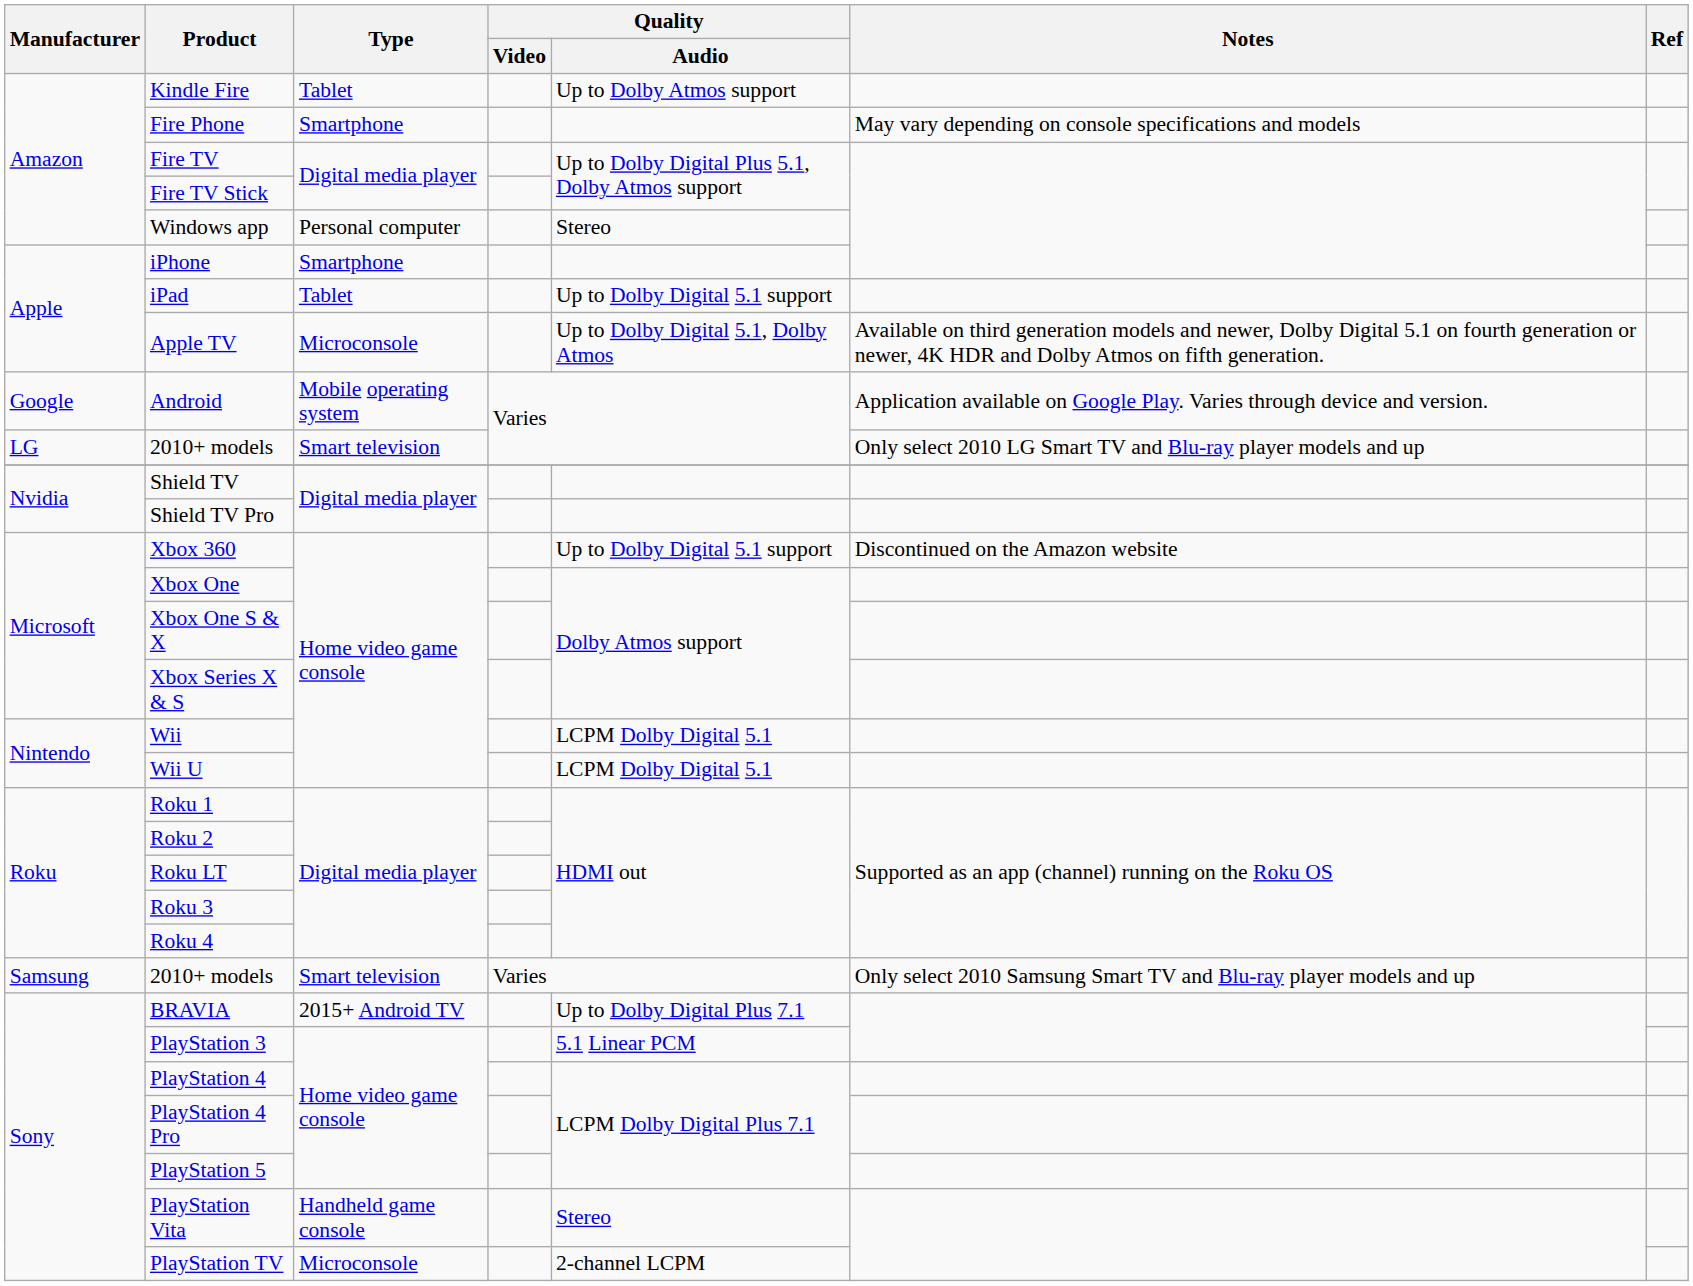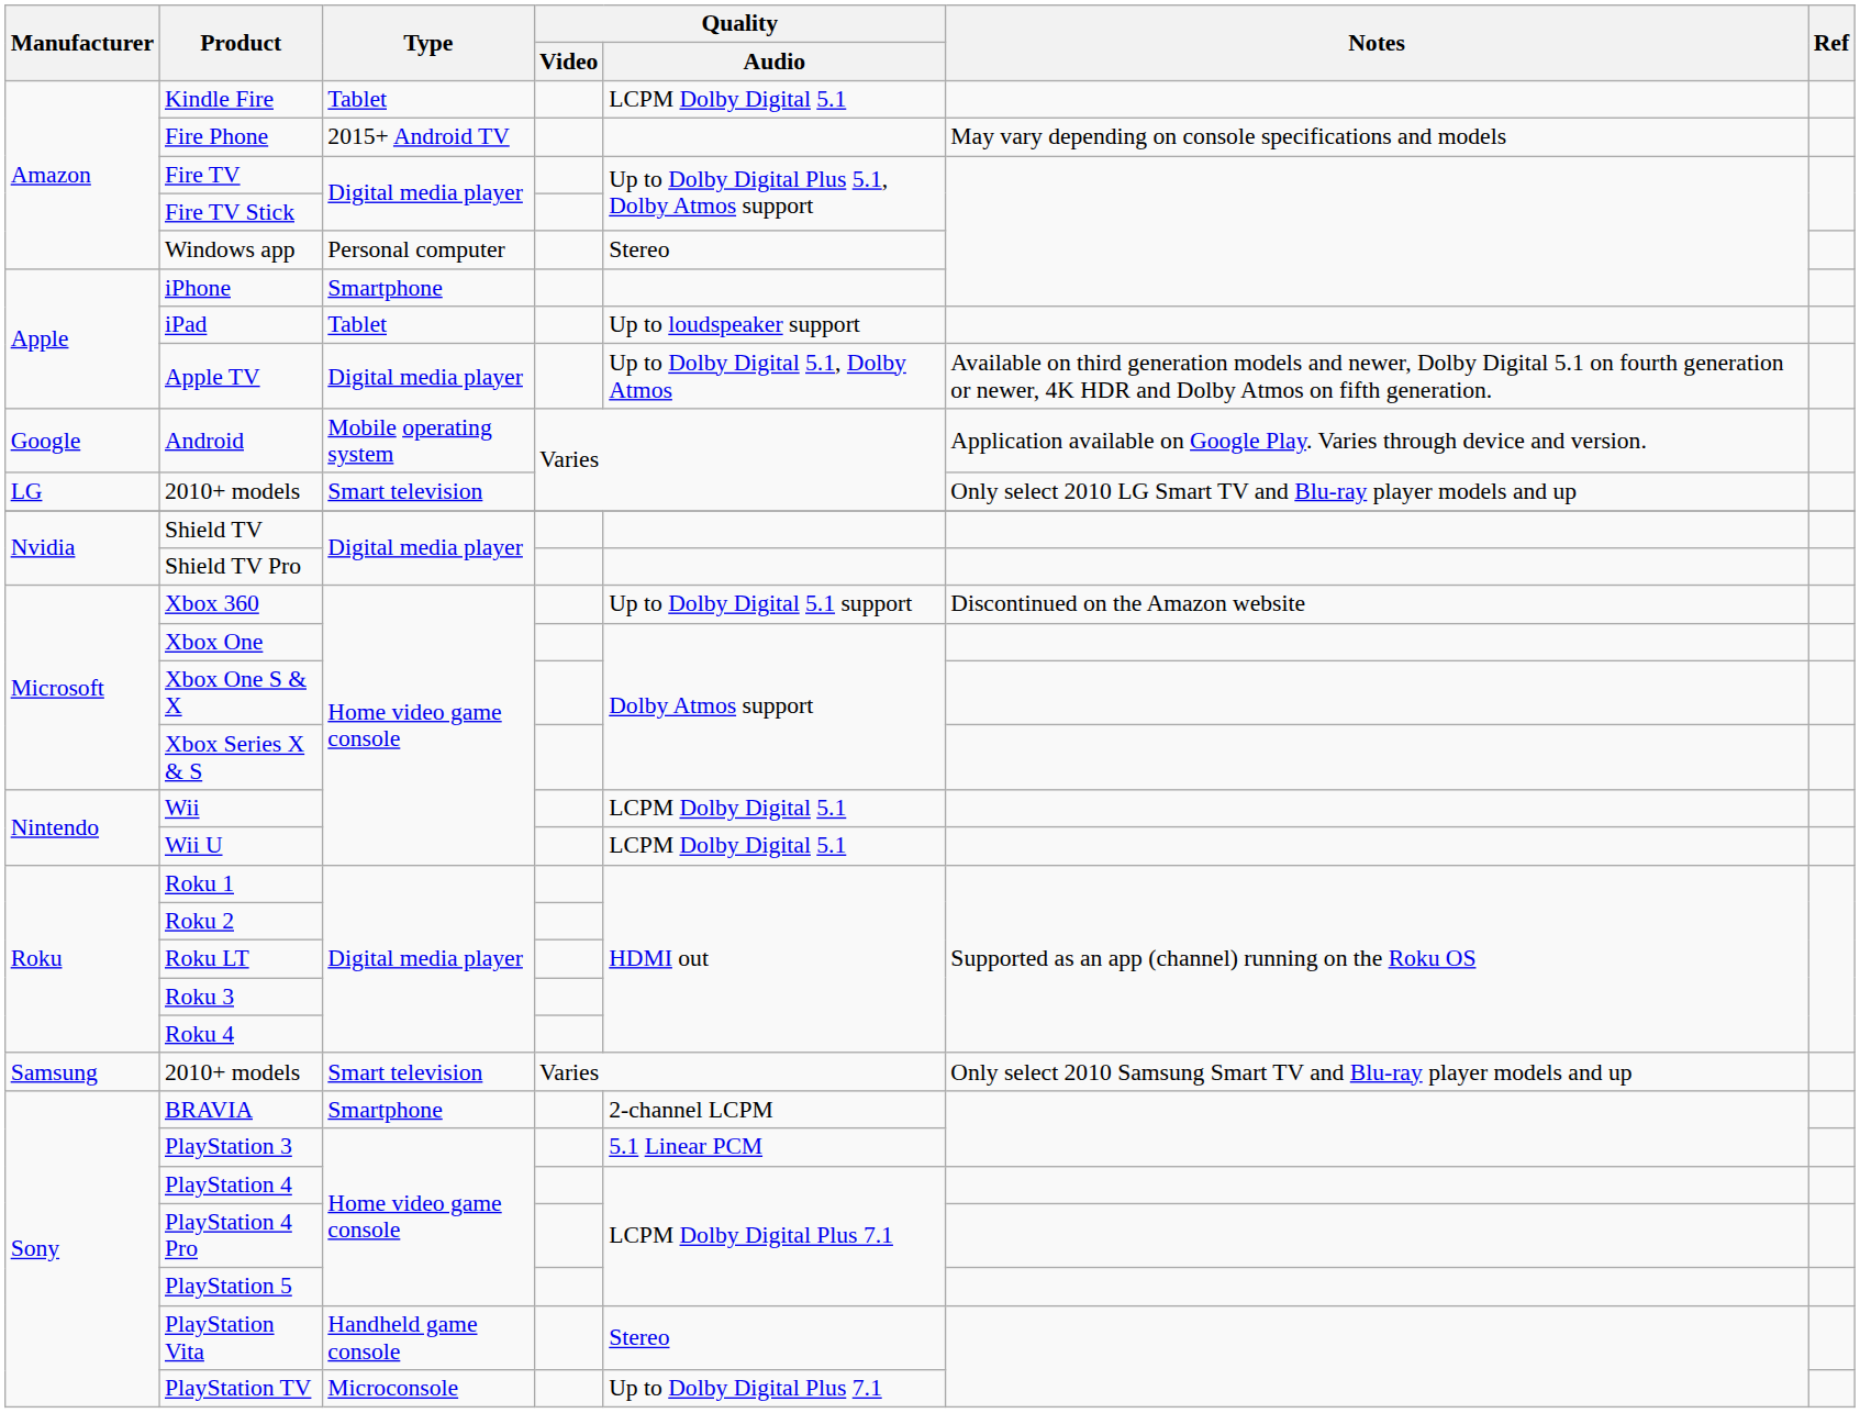 <table class="wikitable sortable" style="text align: center;">
 <tr>
 <th rowspan="2">Manufacturer</th>
 <th rowspan="2">Product</th>
 <th rowspan="2">Type</th>
 <th colspan="2">Quality</th>
 <th rowspan="2">Notes</th>
 <th rowspan="2">Ref</th>
 </tr>
 <tr>
 <th>Video</th>
 <th>Audio</th>
 </tr>
 <tr>
 <td rowspan="5"><a href='#'>Amazon</a></td>
 <td><a href='#'>Kindle Fire</a></td>
 <td><a href='#'>Tablet</a></td>
 <td></td>
-<td>Up to <a href='#'>Dolby Atmos</a> support</td>
+<td>LCPM <a href='#'>Dolby Digital</a> <a href='#'>5.1</a></td>
 <td></td>
 <td></td>
 </tr>
 <tr>
 <td><a href='#'>Fire Phone</a></td>
-<td><a href='#'>Smartphone</a></td>
+<td>2015+ <a href='#'>Android TV</a></td>
 <td></td>
 <td></td>
 <td>May vary depending on console specifications and models</td>
 <td></td>
 </tr>
 <tr>
 <td><a href='#'>Fire TV</a></td>
 <td rowspan="2"><a href='#'>Digital media player</a></td>
 <td></td>
 <td rowspan="2">Up to <a href='#'>Dolby Digital Plus</a> <a href='#'>5.1</a>, <a href='#'>Dolby Atmos</a> support</td>
 <td rowspan="4"></td>
 <td rowspan="2"></td>
 </tr>
 <tr>
 <td><a href='#'>Fire TV Stick</a></td>
 <td></td>
 </tr>
 <tr>
 <td>Windows app</td>
 <td>Personal computer</td>
 <td></td>
 <td>Stereo</td>
 <td></td>
 </tr>
 <tr>
 <td rowspan="3"><a href='#'>Apple</a></td>
 <td><a href='#'>iPhone</a></td>
 <td><a href='#'>Smartphone</a></td>
 <td></td>
 <td></td>
 <td></td>
 </tr>
 <tr>
 <td><a href='#'>iPad</a></td>
 <td><a href='#'>Tablet</a></td>
 <td></td>
-<td>Up to <a href='#'>Dolby Digital</a> <a href='#'>5.1</a> support</td>
+<td>Up to <a href='#'>loudspeaker</a> support</td>
 <td></td>
 </tr>
 <tr>
 <td><a href='#'>Apple TV</a></td>
-<td><a href='#'>Microconsole</a></td>
+<td><a href='#'>Digital media player</a></td>
 <td></td>
 <td>Up to <a href='#'>Dolby Digital</a> <a href='#'>5.1</a>, <a href='#'>Dolby Atmos</a></td>
 <td>Available on third generation models and newer, Dolby Digital 5.1 on fourth generation or newer, 4K HDR and Dolby Atmos on fifth generation.</td>
 <td></td>
 </tr>
 <tr>
 <td><a href='#'>Google</a></td>
 <td><a href='#'>Android</a></td>
 <td><a href='#'>Mobile</a> <a href='#'>operating system</a></td>
 <td colspan="2" rowspan="2">Varies</td>
 <td>Application available on <a href='#'>Google Play</a>. Varies through device and version.</td>
 <td></td>
 </tr>
 <tr>
 <td><a href='#'>LG</a></td>
 <td>2010+ models</td>
 <td><a href='#'>Smart television</a></td>
 <td>Only select 2010 LG Smart TV and <a href='#'>Blu-ray</a> player models and up</td>
 <td></td>
 </tr>
 <tr>
 </tr>
 <tr>
 <td rowspan="2"><a href='#'>Nvidia</a></td>
 <td>Shield TV</td>
 <td rowspan="2"><a href='#'>Digital media player</a></td>
 <td></td>
 <td></td>
 <td></td>
 <td></td>
 </tr>
 <tr>
 <td>Shield TV Pro</td>
 <td></td>
 <td></td>
 <td></td>
 <td></td>
 </tr>
 <tr>
 <td rowspan="4"><a href='#'>Microsoft</a></td>
 <td><a href='#'>Xbox 360</a></td>
 <td rowspan="6"><a href='#'>Home video game console</a></td>
 <td></td>
 <td>Up to <a href='#'>Dolby Digital</a> <a href='#'>5.1</a> support</td>
 <td>Discontinued on the Amazon website</td>
 <td></td>
 </tr>
 <tr>
 <td><a href='#'>Xbox One</a></td>
 <td></td>
 <td rowspan="3"><a href='#'>Dolby Atmos</a> support</td>
 <td></td>
 <td></td>
 </tr>
 <tr>
 <td><a href='#'>Xbox One S & X</a></td>
 <td></td>
 <td></td>
 <td></td>
 </tr>
 <tr>
 <td><a href='#'>Xbox Series X & S</a></td>
 <td></td>
 <td></td>
 <td></td>
 </tr>
 <tr>
 <td rowspan="2"><a href='#'>Nintendo</a></td>
 <td><a href='#'>Wii</a></td>
 <td></td>
 <td>LCPM <a href='#'>Dolby Digital</a> <a href='#'>5.1</a></td>
 <td></td>
 <td></td>
 </tr>
 <tr>
 <td><a href='#'>Wii U</a></td>
 <td></td>
 <td>LCPM <a href='#'>Dolby Digital</a> <a href='#'>5.1</a></td>
 <td></td>
 <td></td>
 </tr>
 <tr>
 <td rowspan="5"><a href='#'>Roku</a></td>
 <td><a href='#'>Roku 1</a></td>
 <td rowspan="5"><a href='#'>Digital media player</a></td>
 <td></td>
 <td rowspan="5"><a href='#'>HDMI</a> out</td>
 <td rowspan="5">Supported as an app (channel) running on the <a href='#'>Roku OS</a></td>
 <td rowspan="5"></td>
 </tr>
 <tr>
 <td><a href='#'>Roku 2</a></td>
 <td></td>
 </tr>
 <tr>
 <td><a href='#'>Roku LT</a></td>
 <td></td>
 </tr>
 <tr>
 <td><a href='#'>Roku 3</a></td>
 <td></td>
 </tr>
 <tr>
 <td><a href='#'>Roku 4</a></td>
 <td></td>
 </tr>
 <tr>
 <td><a href='#'>Samsung</a></td>
 <td>2010+ models</td>
 <td><a href='#'>Smart television</a></td>
 <td colspan="2">Varies</td>
 <td>Only select 2010 Samsung Smart TV and <a href='#'>Blu-ray</a> player models and up</td>
 <td></td>
 </tr>
 <tr>
 <td rowspan="7"><a href='#'>Sony</a></td>
 <td><a href='#'>BRAVIA</a></td>
-<td>2015+ <a href='#'>Android TV</a></td>
+<td><a href='#'>Smartphone</a></td>
 <td></td>
-<td>Up to <a href='#'>Dolby Digital Plus</a> <a href='#'>7.1</a></td>
+<td>2-channel LCPM</td>
 <td rowspan="2"></td>
 <td></td>
 </tr>
 <tr>
 <td><a href='#'>PlayStation 3</a></td>
 <td rowspan="4"><a href='#'>Home video game console</a></td>
 <td></td>
 <td><a href='#'>5.1</a> <a href='#'>Linear PCM</a></td>
 <td></td>
 </tr>
 <tr>
 <td><a href='#'>PlayStation 4</a></td>
 <td></td>
 <td rowspan="3">LCPM <a href='#'>Dolby Digital Plus 7.1</a></td>
 <td></td>
 <td></td>
 </tr>
 <tr>
 <td><a href='#'>PlayStation 4 Pro</a></td>
 <td></td>
 <td></td>
 <td></td>
 </tr>
 <tr>
 <td><a href='#'>PlayStation 5</a></td>
 <td></td>
 <td></td>
 <td></td>
 </tr>
 <tr>
 <td><a href='#'>PlayStation Vita</a></td>
 <td><a href='#'>Handheld game console</a></td>
 <td></td>
 <td><a href='#'>Stereo</a></td>
 <td rowspan="2"></td>
 <td></td>
 </tr>
 <tr>
 <td><a href='#'>PlayStation TV</a></td>
 <td><a href='#'>Microconsole</a></td>
 <td></td>
-<td>2-channel LCPM</td>
+<td>Up to <a href='#'>Dolby Digital Plus</a> <a href='#'>7.1</a></td>
 <td></td>
 </tr>
 </table>
